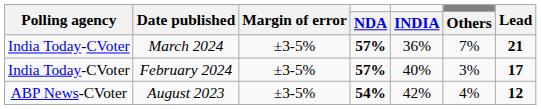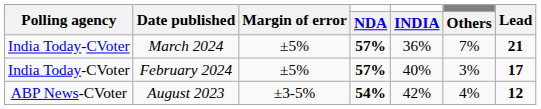 <table class="wikitable sortable" style="text-align:center;font-size:95%;line-height:16px">
 <tr>
 <th rowspan="2">Polling agency</th>
 <th rowspan="2">Date published</th>
 <th rowspan="2">Margin of error</th>
 <td></td>
 <td></td>
 <td bgcolor="grey"></td>
 <th rowspan="2">Lead</th>
 </tr>
 <tr>
 <th><a href='#'>NDA</a></th>
 <th><a href='#'>INDIA</a></th>
 <th>Others</th>
 </tr>
 <tr>
 <td><a href='#'>India Today</a>-<a href='#'>CVoter</a></td>
 <td><em>March 2024</em></td>
-<td>±3-5%</td>
+<td>±5%</td>
 <td bgcolor=><strong>57%</strong></td>
 <td>36%</td>
 <td>7%</td>
 <td bgcolor=><strong>21</strong></td>
 </tr>
 <tr>
 <td><a href='#'>India Today</a>-CVoter</td>
 <td><em>February 2024</em></td>
-<td>±3-5%</td>
+<td>±5%</td>
 <td><strong>57%</strong></td>
 <td>40%</td>
 <td>3%</td>
 <td><strong>17</strong></td>
 </tr>
 <tr>
 <td><a href='#'>ABP News</a>-CVoter</td>
 <td><em>August 2023</em></td>
 <td>±3-5%</td>
 <td><strong>54%</strong></td>
 <td>42%</td>
 <td>4%</td>
 <td><strong>12</strong></td>
 </tr>
 </table>
